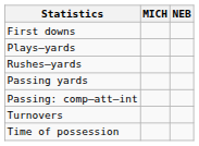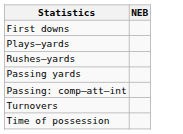 <table class="wikitable" style="float:left">
 <tr>
 <th>Statistics</th>
-<th>MICH</th>
 <th>NEB</th>
 </tr>
 <tr>
 <td>First downs</td>
 <td></td>
-<td></td>
 </tr>
 <tr>
 <td>Plays–yards</td>
-<td></td>
 <td></td>
 </tr>
 <tr>
 <td>Rushes–yards</td>
 <td></td>
-<td></td>
 </tr>
 <tr>
 <td>Passing yards</td>
-<td></td>
 <td></td>
 </tr>
 <tr>
 <td>Passing: comp–att–int</td>
 <td></td>
-<td></td>
 </tr>
 <tr>
 <td>Turnovers</td>
-<td></td>
 <td></td>
 </tr>
 <tr>
 <td>Time of possession</td>
 <td></td>
-<td></td>
 </tr>
 </table>
